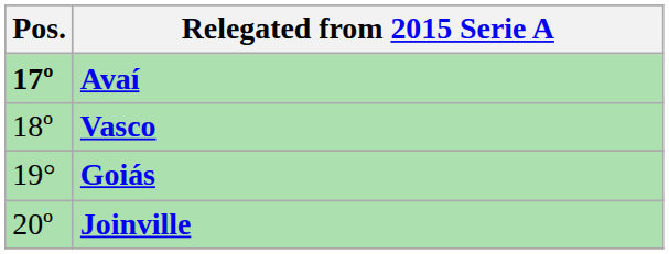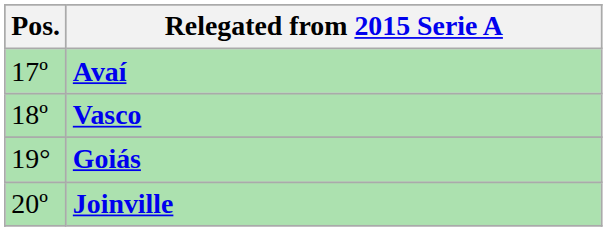 <table class="wikitable">
 <tr>
 <th align="center">Pos.</th>
 <th width=300>Relegated from <a href='#'>2015 Serie A</a></th>
 </tr>
 <tr style="background: #ACE1AF;">
-<td><strong>17º</strong></td>
+<td>17º</td>
 <td><strong><a href='#'>Avaí</a></strong></td>
 </tr>
 <tr style="background: #ACE1AF;">
 <td>18º</td>
 <td><strong><a href='#'>Vasco</a></strong></td>
 </tr>
 <tr style="background: #ACE1AF;">
 <td>19°</td>
 <td><strong><a href='#'>Goiás</a></strong></td>
 </tr>
 <tr style="background: #ACE1AF;">
 <td>20º</td>
 <td><strong><a href='#'>Joinville</a></strong></td>
 </tr>
 </table>
